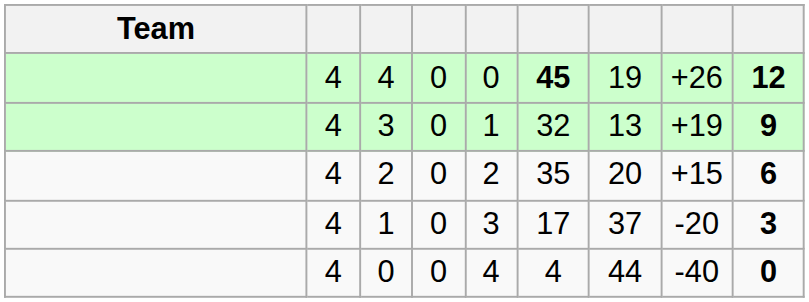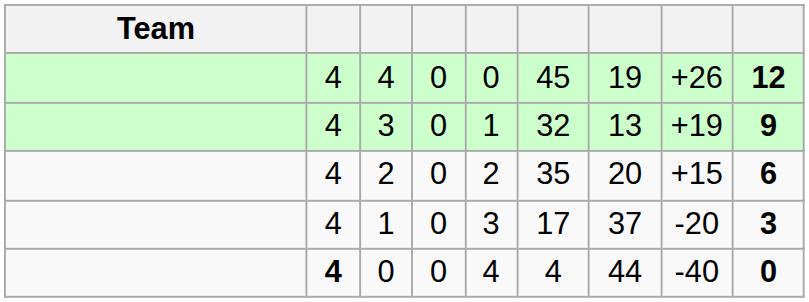 <table class="wikitable" style="text-align:center;">
 <tr>
 <th width=150>Team</th>
 <th width=20></th>
 <th width=20></th>
 <th width=20></th>
 <th width=20></th>
 <th width=30></th>
 <th width=30></th>
 <th width=30></th>
 <th width=30></th>
 </tr>
 <tr bgcolor=#ccffcc>
 <td align="left"></td>
 <td>4</td>
 <td>4</td>
 <td>0</td>
 <td>0</td>
-<td><strong>45</strong></td>
+<td>45</td>
 <td>19</td>
 <td>+26</td>
 <td><strong>12</strong></td>
 </tr>
 <tr bgcolor=#ccffcc>
 <td align="left"></td>
 <td>4</td>
 <td>3</td>
 <td>0</td>
 <td>1</td>
 <td>32</td>
 <td>13</td>
 <td>+19</td>
 <td><strong>9</strong></td>
 </tr>
 <tr bgcolor=>
 <td align="left"></td>
 <td>4</td>
 <td>2</td>
 <td>0</td>
 <td>2</td>
 <td>35</td>
 <td>20</td>
 <td>+15</td>
 <td><strong>6</strong></td>
 </tr>
 <tr bgcolor=>
 <td align="left"></td>
 <td>4</td>
 <td>1</td>
 <td>0</td>
 <td>3</td>
 <td>17</td>
 <td>37</td>
 <td>-20</td>
 <td><strong>3</strong></td>
 </tr>
 <tr bgcolor=>
 <td align="left"></td>
-<td>4</td>
+<td><strong>4</strong></td>
 <td>0</td>
 <td>0</td>
 <td>4</td>
 <td>4</td>
 <td>44</td>
 <td>-40</td>
 <td><strong>0</strong></td>
 </tr>
 </table>
